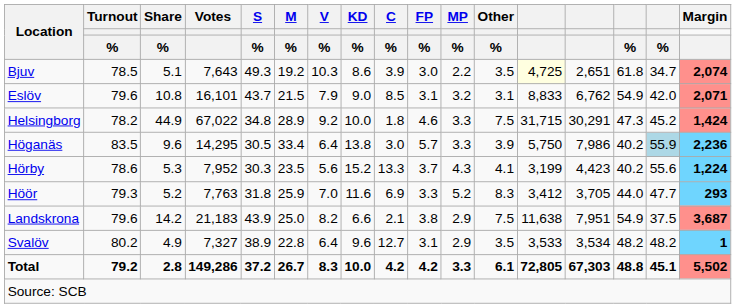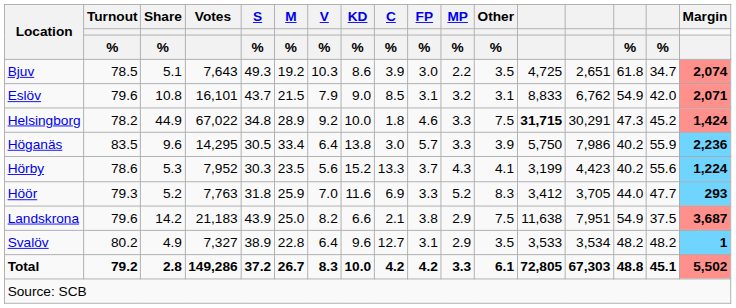 <table class="wikitable sortable" style="text-align:right; font-size:95%; line-height:20px;">
 <tr>
 <th rowspan="3">Location</th>
 <th>Turnout</th>
 <th>Share</th>
 <th>Votes</th>
 <th width="30px" class="unsortable"><a href='#'>S</a></th>
 <th width="30px" class="unsortable"><a href='#'>M</a></th>
 <th width="30px" class="unsortable"><a href='#'>V</a></th>
 <th width="30px" class="unsortable"><a href='#'>KD</a></th>
 <th width="30px" class="unsortable"><a href='#'>C</a></th>
 <th width="30px" class="unsortable"><a href='#'>FP</a></th>
 <th width="30px" class="unsortable"><a href='#'>MP</a></th>
 <th width="30px" class="unsortable">Other</th>
 <th></th>
 <th></th>
 <th></th>
 <th></th>
 <th>Margin</th>
 </tr>
 <tr>
 <th></th>
 <th></th>
 <th></th>
 <th style="background:"></th>
 <th style="background:"></th>
 <th style="background:"></th>
 <th style="background:"></th>
 <th style="background:"></th>
 <th style="background:"></th>
 <th style="background:"></th>
 <th style="background:"></th>
 <th style="background:"></th>
 <th style="background:"></th>
 <th style="background:"></th>
 <th style="background:"></th>
 </tr>
 <tr>
 <th data-sort-type="number">%</th>
 <th data-sort-type="number">%</th>
 <th></th>
 <th data-sort-type="number">%</th>
 <th data-sort-type="number">%</th>
 <th data-sort-type="number">%</th>
 <th data-sort-type="number">%</th>
 <th data-sort-type="number">%</th>
 <th data-sort-type="number">%</th>
 <th data-sort-type="number">%</th>
 <th data-sort-type="number">%</th>
 <th data-sort-type="number"></th>
 <th data-sort-type="number"></th>
 <th data-sort-type="number">%</th>
 <th data-sort-type="number">%</th>
 <th data-sort-type="number"></th>
 </tr>
 <tr>
 <td align=left><a href='#'>Bjuv</a></td>
 <td>78.5</td>
 <td>5.1</td>
 <td>7,643</td>
 <td>49.3</td>
 <td>19.2</td>
 <td>10.3</td>
 <td>8.6</td>
 <td>3.9</td>
 <td>3.0</td>
 <td>2.2</td>
 <td>3.5</td>
-<td style="background: lightyellow;">4,725</td>
+<td>4,725</td>
 <td>2,651</td>
 <td>61.8</td>
 <td>34.7</td>
 <td bgcolor=#ff908c><strong>2,074</strong></td>
 </tr>
 <tr>
 <td align=left><a href='#'>Eslöv</a></td>
 <td>79.6</td>
 <td>10.8</td>
 <td>16,101</td>
 <td>43.7</td>
 <td>21.5</td>
 <td>7.9</td>
 <td>9.0</td>
 <td>8.5</td>
 <td>3.1</td>
 <td>3.2</td>
 <td>3.1</td>
 <td>8,833</td>
 <td>6,762</td>
 <td>54.9</td>
 <td>42.0</td>
 <td bgcolor=#ff908c><strong>2,071</strong></td>
 </tr>
 <tr>
 <td align=left><a href='#'>Helsingborg</a></td>
 <td>78.2</td>
 <td>44.9</td>
 <td>67,022</td>
 <td>34.8</td>
 <td>28.9</td>
 <td>9.2</td>
 <td>10.0</td>
 <td>1.8</td>
 <td>4.6</td>
 <td>3.3</td>
 <td>7.5</td>
-<td>31,715</td>
+<td><strong>31,715</strong></td>
 <td>30,291</td>
 <td>47.3</td>
 <td>45.2</td>
 <td bgcolor=#ff908c><strong>1,424</strong></td>
 </tr>
 <tr>
 <td align=left><a href='#'>Höganäs</a></td>
 <td>83.5</td>
 <td>9.6</td>
 <td>14,295</td>
 <td>30.5</td>
 <td>33.4</td>
 <td>6.4</td>
 <td>13.8</td>
 <td>3.0</td>
 <td>5.7</td>
 <td>3.3</td>
 <td>3.9</td>
 <td>5,750</td>
 <td>7,986</td>
 <td>40.2</td>
-<td style="background: lightblue;">55.9</td>
+<td>55.9</td>
 <td bgcolor=#6fd5fe><strong>2,236</strong></td>
 </tr>
 <tr>
 <td align=left><a href='#'>Hörby</a></td>
 <td>78.6</td>
 <td>5.3</td>
 <td>7,952</td>
 <td>30.3</td>
 <td>23.5</td>
 <td>5.6</td>
 <td>15.2</td>
 <td>13.3</td>
 <td>3.7</td>
 <td>4.3</td>
 <td>4.1</td>
 <td>3,199</td>
 <td>4,423</td>
 <td>40.2</td>
 <td>55.6</td>
 <td bgcolor=#6fd5fe><strong>1,224</strong></td>
 </tr>
 <tr>
 <td align=left><a href='#'>Höör</a></td>
 <td>79.3</td>
 <td>5.2</td>
 <td>7,763</td>
 <td>31.8</td>
 <td>25.9</td>
 <td>7.0</td>
 <td>11.6</td>
 <td>6.9</td>
 <td>3.3</td>
 <td>5.2</td>
 <td>8.3</td>
 <td>3,412</td>
 <td>3,705</td>
 <td>44.0</td>
 <td>47.7</td>
 <td bgcolor=#6fd5fe><strong>293</strong></td>
 </tr>
 <tr>
 <td align=left><a href='#'>Landskrona</a></td>
 <td>79.6</td>
 <td>14.2</td>
 <td>21,183</td>
 <td>43.9</td>
 <td>25.0</td>
 <td>8.2</td>
 <td>6.6</td>
 <td>2.1</td>
 <td>3.8</td>
 <td>2.9</td>
 <td>7.5</td>
 <td>11,638</td>
 <td>7,951</td>
 <td>54.9</td>
 <td>37.5</td>
 <td bgcolor=#ff908c><strong>3,687</strong></td>
 </tr>
 <tr>
 <td align=left><a href='#'>Svalöv</a></td>
 <td>80.2</td>
 <td>4.9</td>
 <td>7,327</td>
 <td>38.9</td>
 <td>22.8</td>
 <td>6.4</td>
 <td>9.6</td>
 <td>12.7</td>
 <td>3.1</td>
 <td>2.9</td>
 <td>3.5</td>
 <td>3,533</td>
 <td>3,534</td>
 <td>48.2</td>
 <td>48.2</td>
 <td bgcolor=#6fd5fe><strong>1</strong></td>
 </tr>
 <tr>
 <td align=left><strong>Total</strong></td>
 <td><strong>79.2</strong></td>
 <td><strong>2.8</strong></td>
 <td><strong>149,286</strong></td>
 <td><strong>37.2</strong></td>
 <td><strong>26.7</strong></td>
 <td><strong>8.3</strong></td>
 <td><strong>10.0</strong></td>
 <td><strong>4.2</strong></td>
 <td><strong>4.2</strong></td>
 <td><strong>3.3</strong></td>
 <td><strong>6.1</strong></td>
 <td><strong>72,805</strong></td>
 <td><strong>67,303</strong></td>
 <td><strong>48.8</strong></td>
 <td><strong>45.1</strong></td>
 <td bgcolor=#ff908c><strong>5,502</strong></td>
 </tr>
 <tr>
 <td align=left colspan=17>Source: SCB </td>
 </tr>
 </table>
